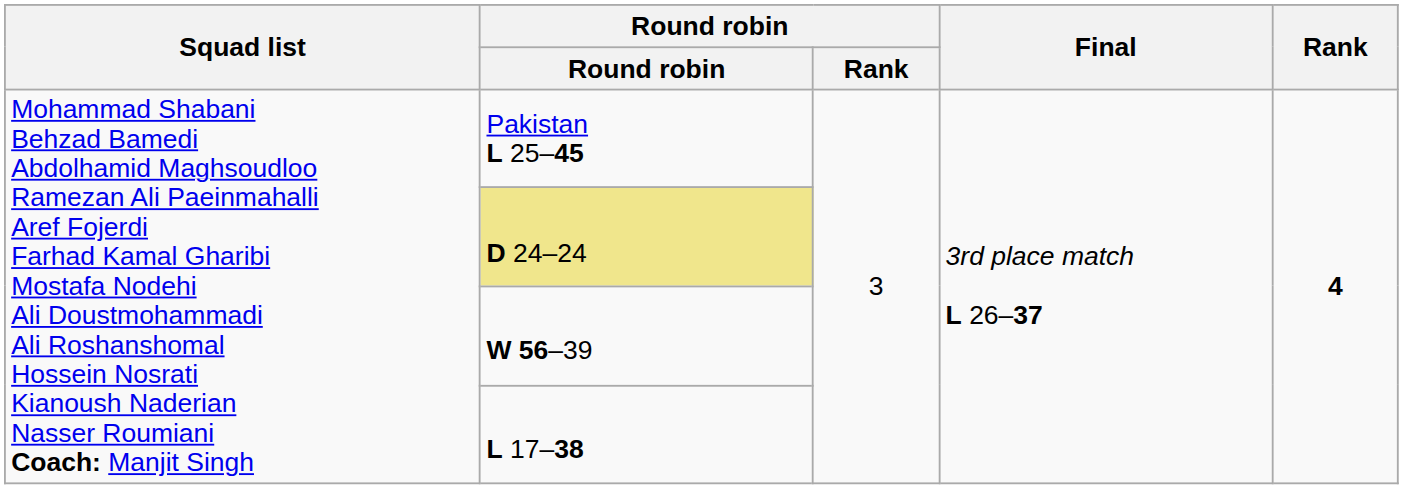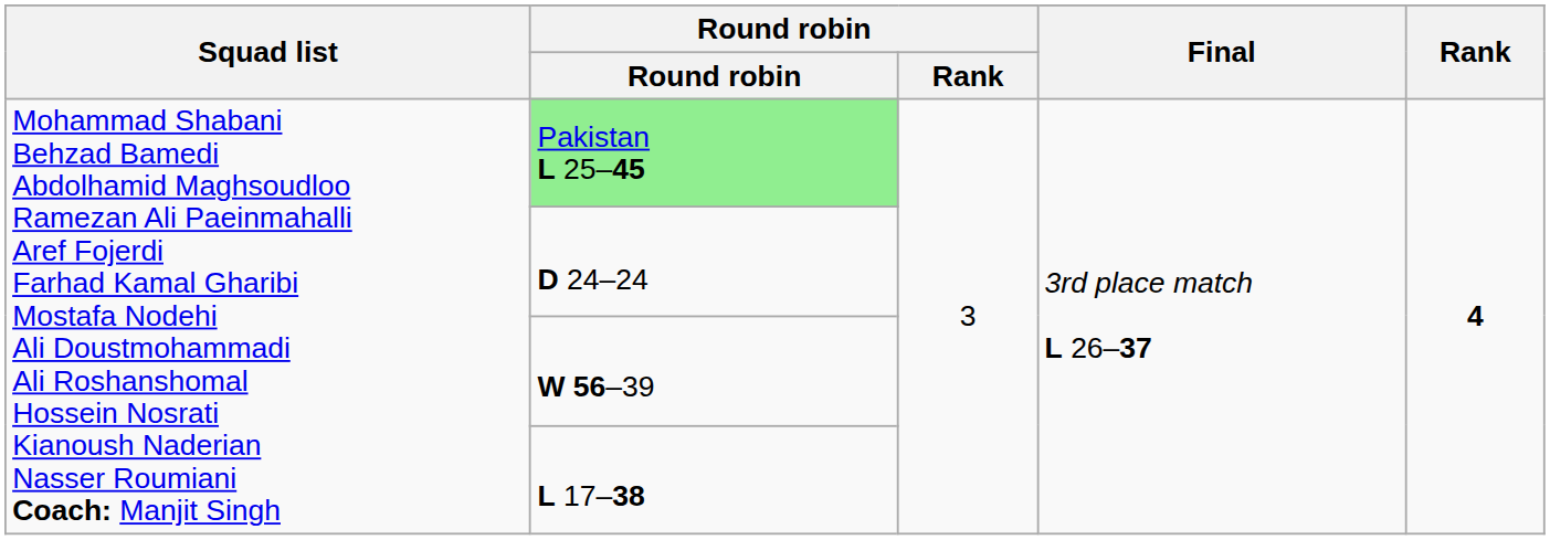 <table class="wikitable" width="60%" style="text-align:left; font-size:90%">
 <tr>
 <th rowspan="2" width="20%">Squad list</th>
 <th colspan="2">Round robin</th>
 <th rowspan="2" width="14%">Final</th>
 <th rowspan="2" width="5%">Rank</th>
 </tr>
 <tr>
 <th width="14%">Round robin</th>
 <th width="5%">Rank</th>
 </tr>
 <tr>
 <td rowspan="4"><a href='#'>Mohammad Shabani</a><br><a href='#'>Behzad Bamedi</a><br><a href='#'>Abdolhamid Maghsoudloo</a><br><a href='#'>Ramezan Ali Paeinmahalli</a><br><a href='#'>Aref Fojerdi</a><br><a href='#'>Farhad Kamal Gharibi</a><br><a href='#'>Mostafa Nodehi</a><br><a href='#'>Ali Doustmohammadi</a><br><a href='#'>Ali Roshanshomal</a><br><a href='#'>Hossein Nosrati</a><br><a href='#'>Kianoush Naderian</a><br><a href='#'>Nasser Roumiani</a><br><strong>Coach:</strong>  <a href='#'>Manjit Singh</a></td>
-<td> <a href='#'>Pakistan</a><br><strong>L</strong> 25–<strong>45</strong></td>
+<td style="background: lightgreen;"> <a href='#'>Pakistan</a><br><strong>L</strong> 25–<strong>45</strong></td>
 <td rowspan="4" align=center>3 <strong></strong></td>
 <td rowspan="4"><em>3rd place match</em><br><br><strong>L</strong> 26–<strong>37</strong></td>
 <td rowspan="4" align="center"><strong>4</strong></td>
 </tr>
 <tr>
-<td style="background: khaki;"><br><strong>D</strong> 24–24</td>
+<td><br><strong>D</strong> 24–24</td>
 </tr>
 <tr>
 <td><br><strong>W</strong> <strong>56</strong>–39</td>
 </tr>
 <tr>
 <td><br><strong>L</strong> 17–<strong>38</strong></td>
 </tr>
 </table>
